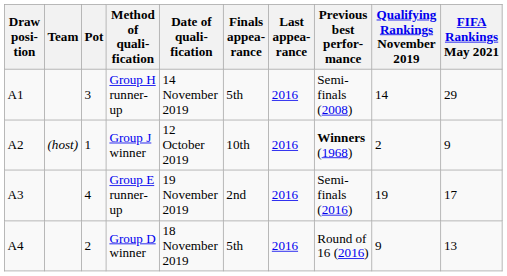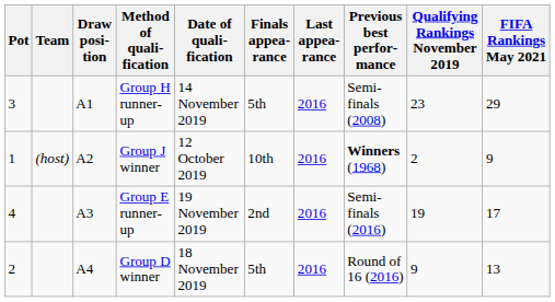 <table class="wikitable sortable">
 <tr>
+<th>Pot</th>
+<th>Team</th>
 <th>Draw posi­tion</th>
-<th>Team</th>
-<th>Pot</th>
 <th>Method of<br>quali­fication</th>
 <th>Date of<br>quali­fication</th>
 <th data-sort-type="number">Finals<br>appea­rance</th>
 <th>Last<br>appea­rance</th>
 <th>Previous best<br>perfor­mance</th>
 <th><a href='#'>Qualifying Rankings</a><br>November 2019</th>
 <th><a href='#'>FIFA Rankings</a><br>May 2021</th>
 </tr>
 <tr>
+<td>3</td>
+<td style="white-space:nowrap"></td>
 <td>A1</td>
-<td style="white-space:nowrap"></td>
-<td>3</td>
 <td><a href='#'>Group H</a> runner-up</td>
 <td>14 November 2019</td>
 <td>5th</td>
 <td><a href='#'>2016</a></td>
 <td data-sort-value="3">Semi-finals (<a href='#'>2008</a>)</td>
-<td>14</td>
+<td>23</td>
 <td>29</td>
 </tr>
 <tr>
+<td>1</td>
+<td style="white-space:nowrap"> <em>(host)</em></td>
 <td>A2</td>
-<td style="white-space:nowrap"> <em>(host)</em></td>
-<td>1</td>
 <td><a href='#'>Group J</a> winner</td>
 <td>12 October 2019</td>
 <td>10th</td>
 <td><a href='#'>2016</a></td>
 <td data-sort-value="1"><strong>Winners</strong> (<a href='#'>1968</a>)</td>
 <td>2</td>
 <td>9</td>
 </tr>
 <tr>
+<td>4</td>
+<td style="white-space:nowrap"></td>
 <td>A3</td>
-<td style="white-space:nowrap"></td>
-<td>4</td>
 <td><a href='#'>Group E</a> runner-up</td>
 <td>19 November 2019</td>
 <td>2nd</td>
 <td><a href='#'>2016</a></td>
 <td data-sort-value="3">Semi-finals (<a href='#'>2016</a>)</td>
 <td>19</td>
 <td>17</td>
 </tr>
 <tr>
+<td>2</td>
+<td style="white-space:nowrap"></td>
 <td>A4</td>
-<td style="white-space:nowrap"></td>
-<td>2</td>
 <td><a href='#'>Group D</a> winner</td>
 <td>18 November 2019</td>
 <td>5th</td>
 <td><a href='#'>2016</a></td>
 <td data-sort-value="9">Round of 16 (<a href='#'>2016</a>)</td>
 <td>9</td>
 <td>13</td>
 </tr>
 </table>
